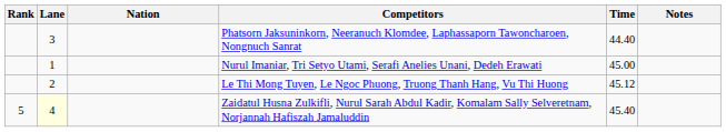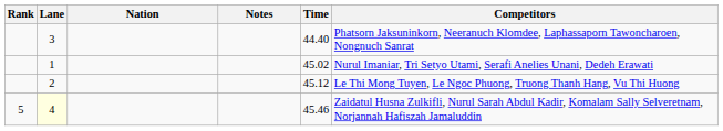 <table class="wikitable sortable"  style="width:75%; text-align:center; font-size:95%;">
 <tr>
 <th width=15>Rank</th>
 <th width=15>Lane</th>
 <th width=300>Nation</th>
+<th width=150>Notes</th>
+<th width=15>Time</th>
 <th width=800>Competitors</th>
-<th width=15>Time</th>
-<th width=150>Notes</th>
 </tr>
 <tr>
 <td></td>
 <td>3</td>
 <td align=left></td>
+<td></td>
+<td>44.40</td>
 <td align=left><a href='#'>Phatsorn Jaksuninkorn</a>, <a href='#'>Neeranuch Klomdee</a>, <a href='#'>Laphassaporn Tawoncharoen</a>, <a href='#'>Nongnuch Sanrat</a></td>
-<td>44.40</td>
-<td></td>
 </tr>
 <tr>
 <td></td>
 <td>1</td>
 <td align=left></td>
+<td></td>
+<td>45.02</td>
 <td align=left><a href='#'>Nurul Imaniar</a>, <a href='#'>Tri Setyo Utami</a>, <a href='#'>Serafi Anelies Unani</a>, <a href='#'>Dedeh Erawati</a></td>
-<td>45.00</td>
-<td></td>
 </tr>
 <tr>
 <td></td>
 <td>2</td>
 <td align=left></td>
+<td></td>
+<td>45.12</td>
 <td align=left><a href='#'>Le Thi Mong Tuyen</a>, <a href='#'>Le Ngoc Phuong</a>, <a href='#'>Truong Thanh Hang</a>, <a href='#'>Vu Thi Huong</a></td>
-<td>45.12</td>
-<td></td>
 </tr>
 <tr>
 <td>5</td>
 <td style="background: lightyellow;">4</td>
 <td align=left></td>
+<td></td>
+<td>45.46</td>
 <td align=left><a href='#'>Zaidatul Husna Zulkifli</a>, <a href='#'>Nurul Sarah Abdul Kadir</a>, <a href='#'>Komalam Sally Selveretnam</a>, <a href='#'>Norjannah Hafiszah Jamaluddin</a></td>
-<td>45.40</td>
-<td></td>
 </tr>
 </table>
